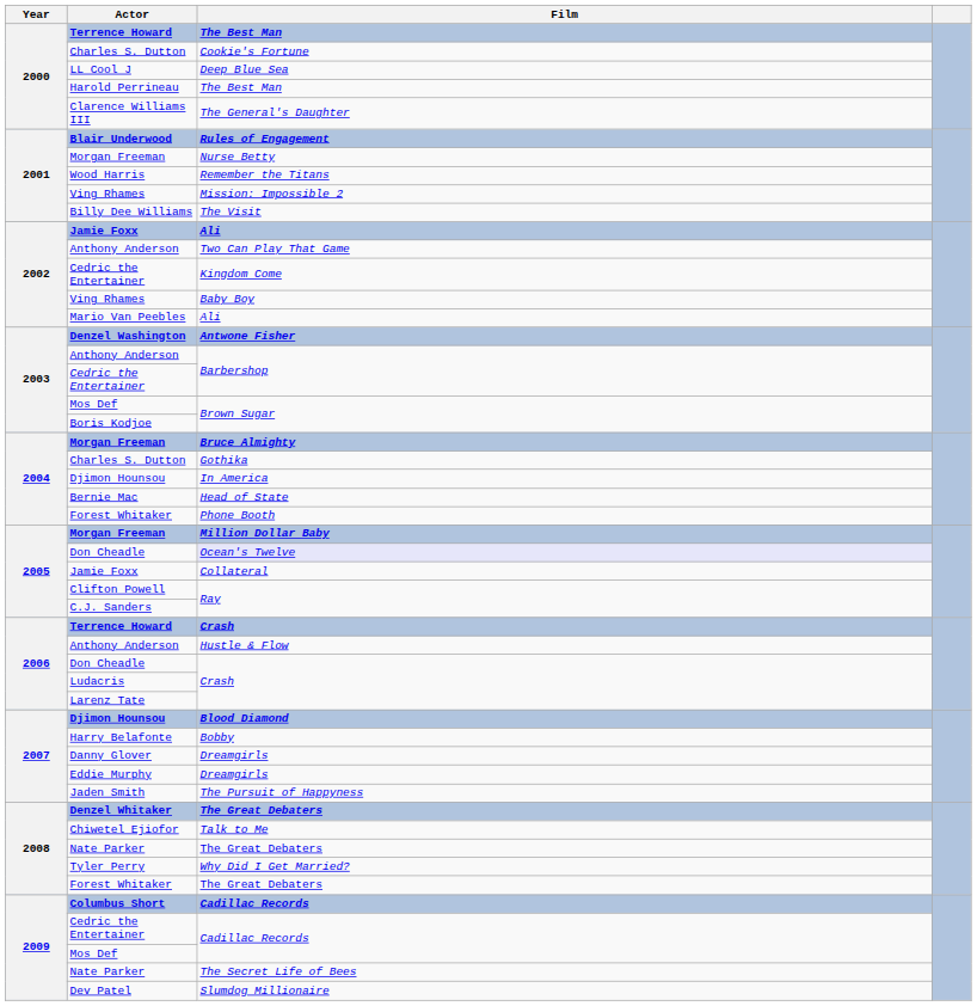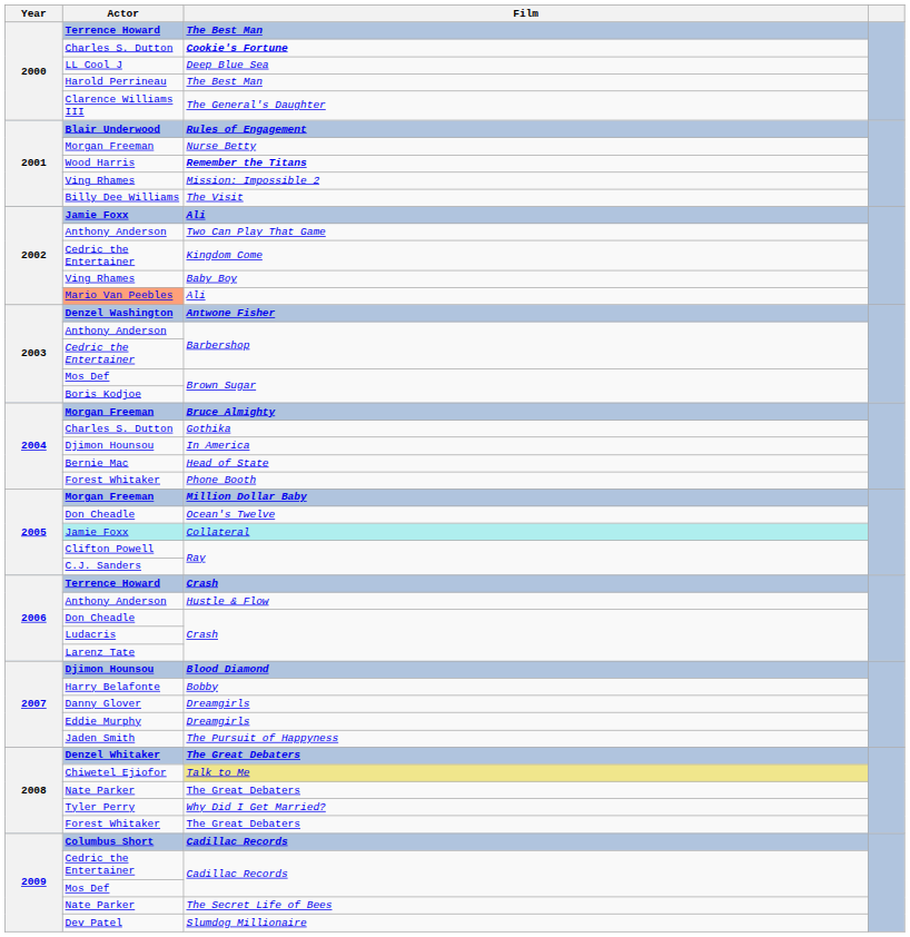 <table class="wikitable" style="width:70%;">
 <tr style="background:#bebebe;">
 <th scope="col" style="width:5em;">Year</th>
 <th scope="col" style="width:11em;">Actor</th>
 <th scope="col">Film</th>
 <th scope="col" style="width:3em;"></th>
 </tr>
 <tr style="background:#B0C4DE; font-weight:bold;">
 <th scope="row" rowspan="5">2000</th>
 <td><a href='#'>Terrence Howard</a></td>
 <td><em><a href='#'>The Best Man</a></em></td>
 <td rowspan="5" style="text-align:center;"></td>
 </tr>
 <tr>
 <td><a href='#'>Charles S. Dutton</a></td>
-<td><em><a href='#'>Cookie's Fortune</a></em></td>
+<td><strong><em><a href='#'>Cookie's Fortune</a></em></strong></td>
 </tr>
 <tr>
 <td><a href='#'>LL Cool J</a></td>
 <td><em><a href='#'>Deep Blue Sea</a></em></td>
 </tr>
 <tr>
 <td><a href='#'>Harold Perrineau</a></td>
 <td><em><a href='#'>The Best Man</a></em></td>
 </tr>
 <tr>
 <td><a href='#'>Clarence Williams III</a></td>
 <td><em><a href='#'>The General's Daughter</a></em></td>
 </tr>
 <tr style="background:#B0C4DE; font-weight:bold;">
 <th scope="row" rowspan="5">2001</th>
 <td><a href='#'>Blair Underwood</a></td>
 <td><em><a href='#'>Rules of Engagement</a></em></td>
 <td rowspan="5" style="text-align:center;"></td>
 </tr>
 <tr>
 <td><a href='#'>Morgan Freeman</a></td>
 <td><em><a href='#'>Nurse Betty</a></em></td>
 </tr>
 <tr>
 <td><a href='#'>Wood Harris</a></td>
-<td><em><a href='#'>Remember the Titans</a></em></td>
+<td><strong><em><a href='#'>Remember the Titans</a></em></strong></td>
 </tr>
 <tr>
 <td><a href='#'>Ving Rhames</a></td>
 <td><em><a href='#'>Mission: Impossible 2</a></em></td>
 </tr>
 <tr>
 <td><a href='#'>Billy Dee Williams</a></td>
 <td><em><a href='#'>The Visit</a></em></td>
 </tr>
 <tr style="background:#B0C4DE; font-weight:bold;">
 <th scope="row" rowspan="5">2002</th>
 <td><a href='#'>Jamie Foxx</a></td>
 <td><em><a href='#'>Ali</a></em></td>
 <td rowspan="5" style="text-align:center;"></td>
 </tr>
 <tr>
 <td><a href='#'>Anthony Anderson</a></td>
 <td><em><a href='#'>Two Can Play That Game</a></em></td>
 </tr>
 <tr>
 <td><a href='#'>Cedric the Entertainer</a></td>
 <td><em><a href='#'>Kingdom Come</a></em></td>
 </tr>
 <tr>
 <td><a href='#'>Ving Rhames</a></td>
 <td><em><a href='#'>Baby Boy</a></em></td>
 </tr>
 <tr>
-<td><a href='#'>Mario Van Peebles</a></td>
+<td style="background: lightsalmon;"><a href='#'>Mario Van Peebles</a></td>
 <td><em><a href='#'>Ali</a></em></td>
 </tr>
 <tr style="background:#B0C4DE; font-weight:bold;">
 <th scope="row" rowspan="5">2003</th>
 <td><a href='#'>Denzel Washington</a></td>
 <td><em><a href='#'>Antwone Fisher</a></em></td>
 <td rowspan="5" style="text-align:center;"></td>
 </tr>
 <tr>
 <td><a href='#'>Anthony Anderson</a></td>
 <td rowspan="2"><em><a href='#'>Barbershop</a></em></td>
 </tr>
 <tr>
 <td><em><a href='#'>Cedric the Entertainer</a></em></td>
 </tr>
 <tr>
 <td><a href='#'>Mos Def</a></td>
 <td rowspan="2"><em><a href='#'>Brown Sugar</a></em></td>
 </tr>
 <tr>
 <td><a href='#'>Boris Kodjoe</a></td>
 </tr>
 <tr style="background:#B0C4DE; font-weight:bold;">
 <th scope="row" rowspan="5"><a href='#'>2004</a></th>
 <td><a href='#'>Morgan Freeman</a></td>
 <td><em><a href='#'>Bruce Almighty</a></em></td>
 <td rowspan="5" style="text-align:center;"></td>
 </tr>
 <tr>
 <td><a href='#'>Charles S. Dutton</a></td>
 <td><em><a href='#'>Gothika</a></em></td>
 </tr>
 <tr>
 <td><a href='#'>Djimon Hounsou</a></td>
 <td><em><a href='#'>In America</a></em></td>
 </tr>
 <tr>
 <td><a href='#'>Bernie Mac</a></td>
 <td><em><a href='#'>Head of State</a></em></td>
 </tr>
 <tr>
 <td><a href='#'>Forest Whitaker</a></td>
 <td><em><a href='#'>Phone Booth</a></em></td>
 </tr>
 <tr style="background:#B0C4DE; font-weight:bold;">
 <th scope="row" rowspan="5"><a href='#'>2005</a></th>
 <td><a href='#'>Morgan Freeman</a></td>
 <td><em><a href='#'>Million Dollar Baby</a></em></td>
 <td rowspan="5" style="text-align:center;"></td>
 </tr>
 <tr>
 <td><a href='#'>Don Cheadle</a></td>
-<td style="background: lavender;"><em><a href='#'>Ocean's Twelve</a></em></td>
+<td><em><a href='#'>Ocean's Twelve</a></em></td>
 </tr>
 <tr>
-<td><a href='#'>Jamie Foxx</a></td>
-<td><em><a href='#'>Collateral</a></em></td>
+<td style="background: paleturquoise;"><a href='#'>Jamie Foxx</a></td>
+<td style="background: paleturquoise;"><em><a href='#'>Collateral</a></em></td>
 </tr>
 <tr>
 <td><a href='#'>Clifton Powell</a></td>
 <td rowspan="2"><em><a href='#'>Ray</a></em></td>
 </tr>
 <tr>
 <td><a href='#'>C.J. Sanders</a></td>
 </tr>
 <tr style="background:#B0C4DE; font-weight:bold;">
 <th scope="row" rowspan="5"><a href='#'>2006</a></th>
 <td><a href='#'>Terrence Howard</a></td>
 <td><em><a href='#'>Crash</a></em></td>
 <td rowspan="5" style="text-align:center;"></td>
 </tr>
 <tr>
 <td><a href='#'>Anthony Anderson</a></td>
 <td><em><a href='#'>Hustle & Flow</a></em></td>
 </tr>
 <tr>
 <td><a href='#'>Don Cheadle</a></td>
 <td rowspan="3"><em><a href='#'>Crash</a></em></td>
 </tr>
 <tr>
 <td><a href='#'>Ludacris</a></td>
 </tr>
 <tr>
 <td><a href='#'>Larenz Tate</a></td>
 </tr>
 <tr style="background:#B0C4DE; font-weight:bold;">
 <th scope="row" rowspan="5"><a href='#'>2007</a></th>
 <td><a href='#'>Djimon Hounsou</a></td>
 <td><em><a href='#'>Blood Diamond</a></em></td>
 <td rowspan="5" style="text-align:center;"></td>
 </tr>
 <tr>
 <td><a href='#'>Harry Belafonte</a></td>
 <td><em><a href='#'>Bobby</a></em></td>
 </tr>
 <tr>
 <td><a href='#'>Danny Glover</a></td>
 <td><em><a href='#'>Dreamgirls</a></em></td>
 </tr>
 <tr>
 <td><a href='#'>Eddie Murphy</a></td>
 <td><em><a href='#'>Dreamgirls</a> </em></td>
 </tr>
 <tr>
 <td><a href='#'>Jaden Smith</a></td>
 <td><em><a href='#'>The Pursuit of Happyness</a></em></td>
 </tr>
 <tr style="background:#B0C4DE; font-weight:bold;">
 <th scope="row" rowspan="5">2008</th>
 <td><a href='#'>Denzel Whitaker</a></td>
 <td><em><a href='#'>The Great Debaters</a></em></td>
 <td rowspan="5" style="text-align:center;"></td>
 </tr>
 <tr>
 <td><a href='#'>Chiwetel Ejiofor</a></td>
-<td><em><a href='#'>Talk to Me</a></em></td>
+<td style="background: khaki;"><em><a href='#'>Talk to Me</a></em></td>
 </tr>
 <tr>
 <td><a href='#'>Nate Parker</a></td>
 <td><a href='#'>The Great Debaters</a></td>
 </tr>
 <tr>
 <td><a href='#'>Tyler Perry</a></td>
 <td><em><a href='#'>Why Did I Get Married?</a></em></td>
 </tr>
 <tr>
 <td><a href='#'>Forest Whitaker</a></td>
 <td><a href='#'>The Great Debaters</a></td>
 </tr>
 <tr style="background:#B0C4DE; font-weight:bold;">
 <th scope="row" rowspan="5"><a href='#'>2009</a></th>
 <td><a href='#'>Columbus Short</a></td>
 <td><em><a href='#'>Cadillac Records</a></em></td>
 <td rowspan="5" style="text-align:center;"></td>
 </tr>
 <tr>
 <td><a href='#'>Cedric the Entertainer</a></td>
 <td rowspan="2"><em><a href='#'>Cadillac Records</a></em></td>
 </tr>
 <tr>
 <td><a href='#'>Mos Def</a></td>
 </tr>
 <tr>
 <td><a href='#'>Nate Parker</a></td>
 <td><em><a href='#'>The Secret Life of Bees</a></em></td>
 </tr>
 <tr>
 <td><a href='#'>Dev Patel</a></td>
 <td><em><a href='#'>Slumdog Millionaire</a></em></td>
 </tr>
 </table>
